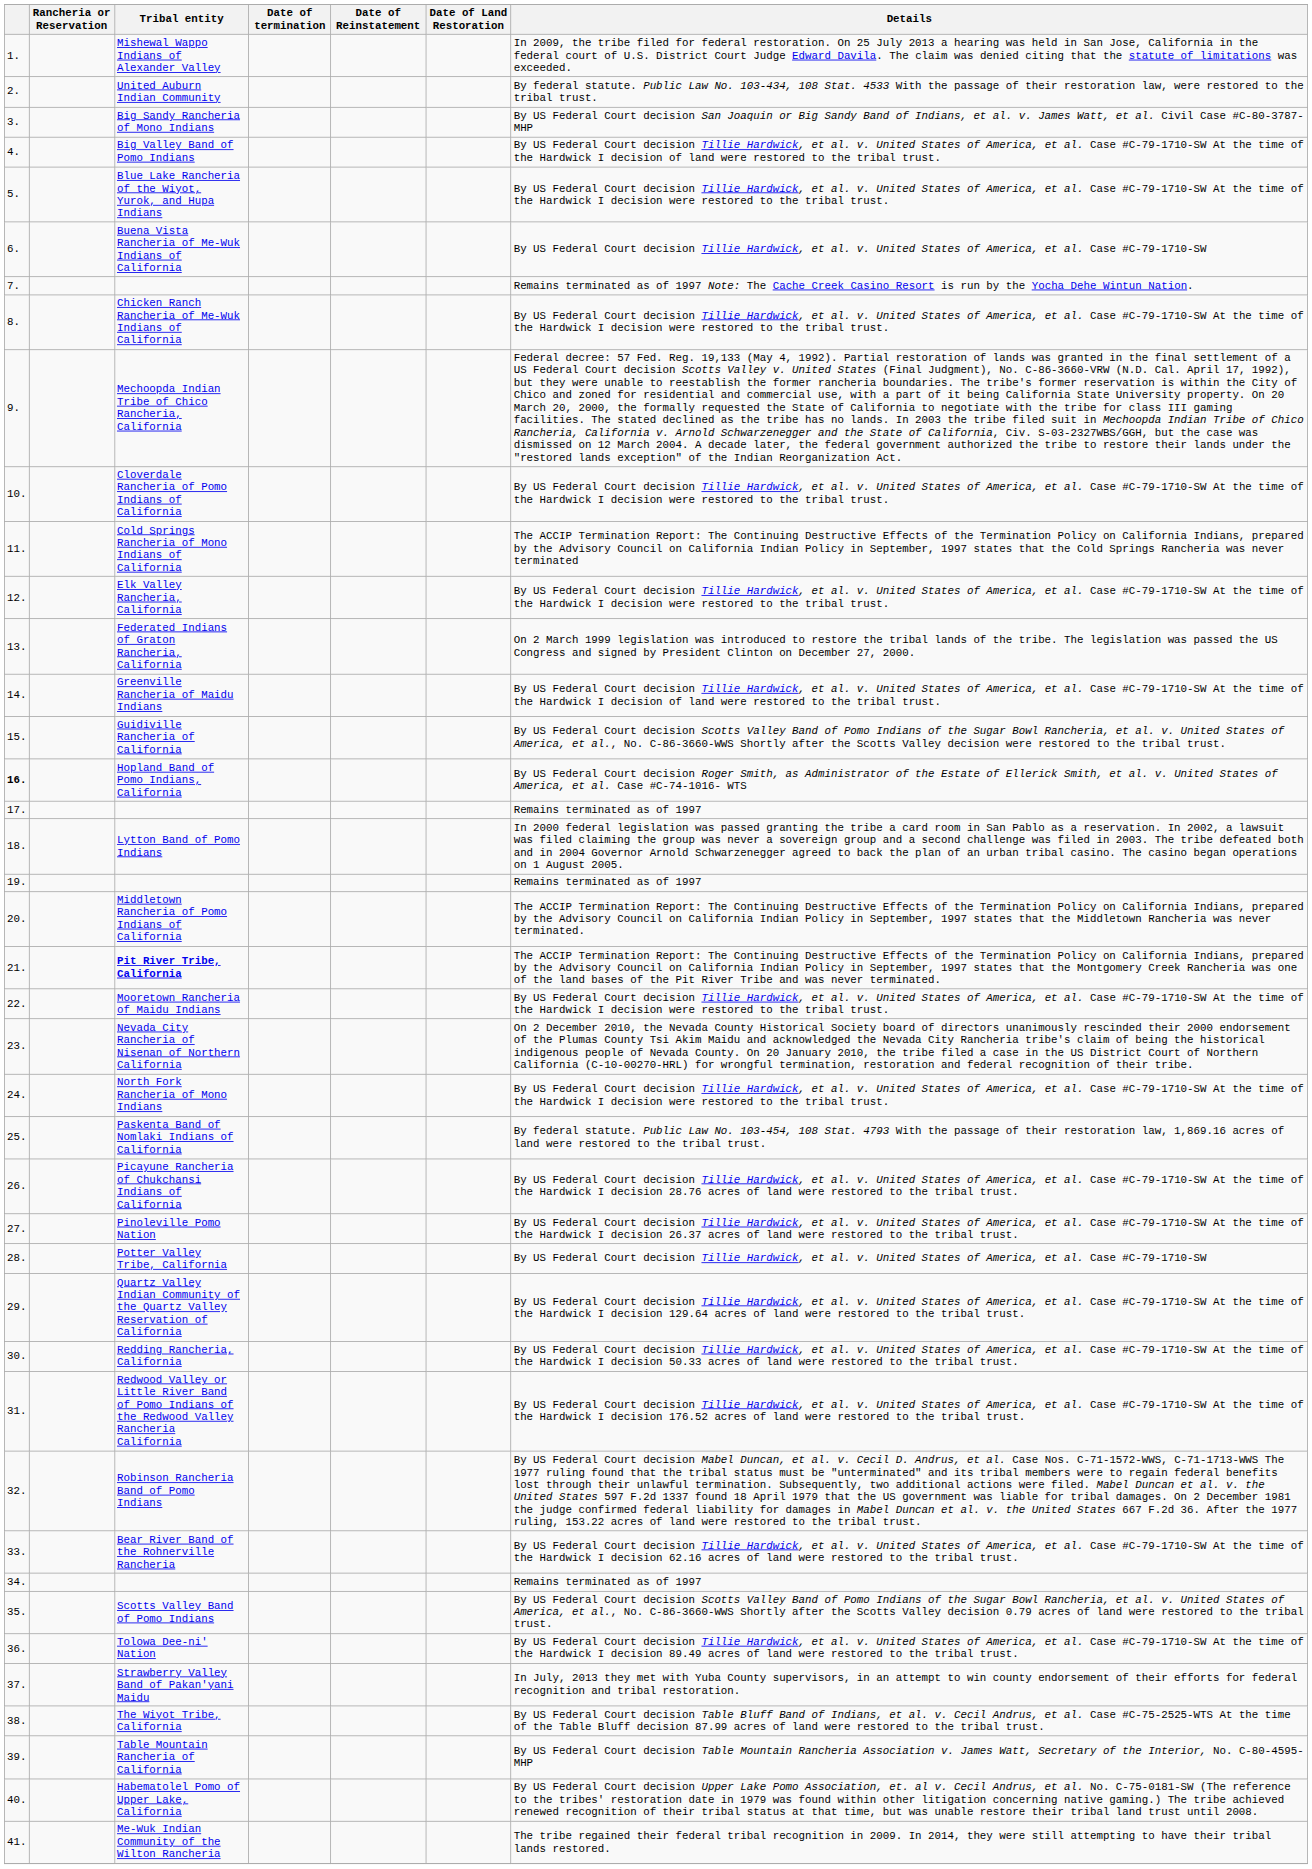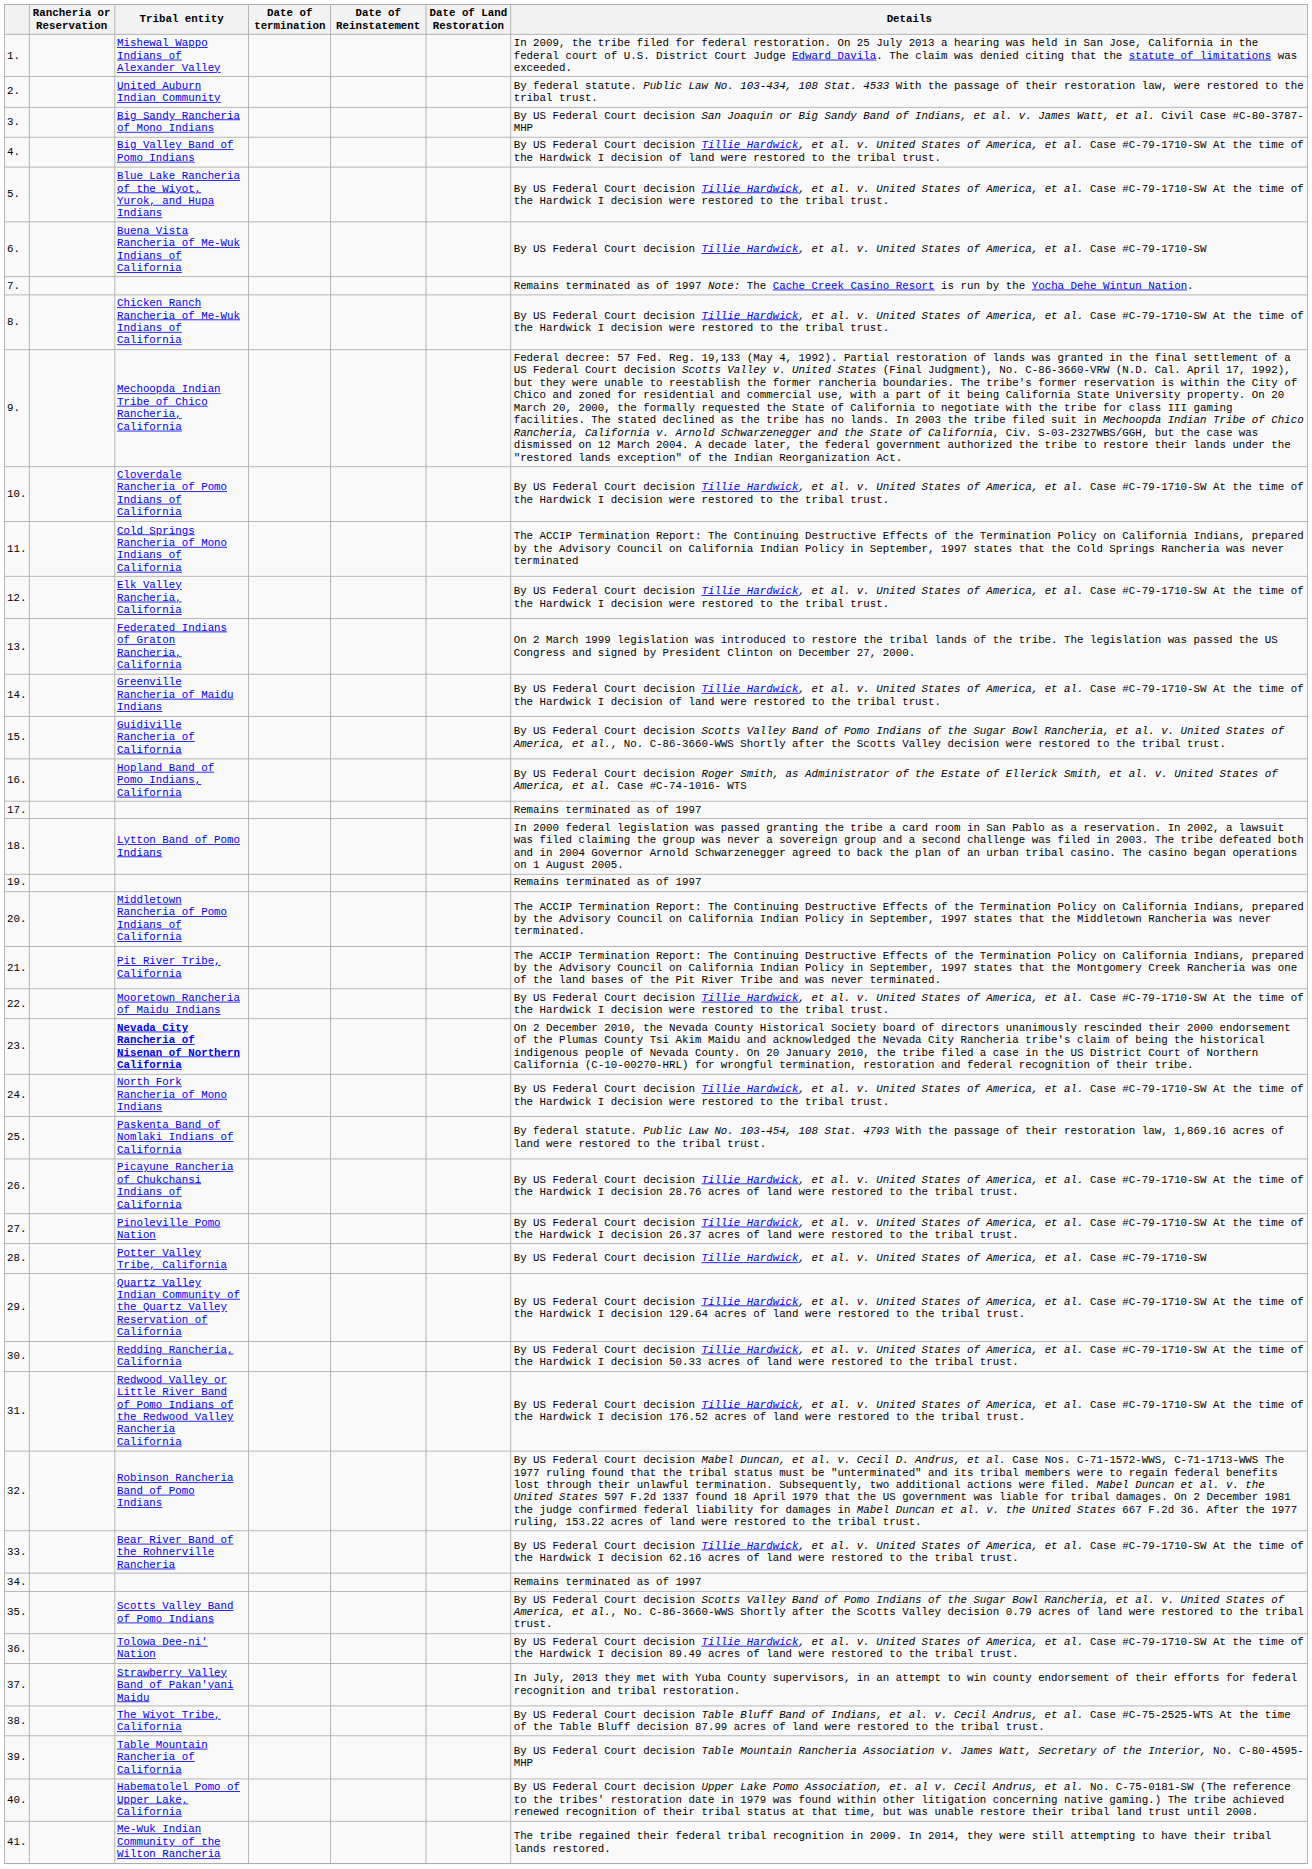 <table class="wikitable sortable">
 <tr>
 </tr>
 <tr>
 <th></th>
 <th>Rancheria or Reservation</th>
 <th>Tribal entity</th>
 <th>Date of termination</th>
 <th>Date of Reinstatement</th>
 <th>Date of Land Restoration</th>
 <th>Details</th>
 </tr>
 <tr>
 <td>1.</td>
 <td></td>
 <td><a href='#'>Mishewal Wappo Indians of Alexander Valley</a></td>
 <td></td>
 <td></td>
 <td></td>
 <td>In 2009, the tribe filed for federal restoration. On 25 July 2013 a hearing was held in San Jose, California in the federal court of U.S. District Court Judge <a href='#'>Edward Davila</a>.  The claim was denied citing that the <a href='#'>statute of limitations</a> was exceeded.</td>
 </tr>
 <tr>
 <td>2.</td>
 <td></td>
 <td><a href='#'>United Auburn Indian Community</a></td>
 <td></td>
 <td></td>
 <td></td>
 <td>By federal statute. <em>Public Law No. 103-434, 108 Stat. 4533</em> With the passage of their restoration law,  were restored to the tribal trust.</td>
 </tr>
 <tr>
 <td>3.</td>
 <td></td>
 <td><a href='#'>Big Sandy Rancheria of Mono Indians</a></td>
 <td></td>
 <td></td>
 <td></td>
 <td>By US Federal Court decision <em>San Joaquin or Big Sandy Band of Indians, et al. v. James Watt, et al.</em> Civil Case #C-80-3787-MHP</td>
 </tr>
 <tr>
 <td>4.</td>
 <td></td>
 <td><a href='#'>Big Valley Band of Pomo Indians</a></td>
 <td></td>
 <td></td>
 <td></td>
 <td>By US Federal Court decision <em><a href='#'>Tillie Hardwick</a>, et al. v. United States of America, et al.</em> Case #C-79-1710-SW At the time of the Hardwick I decision  of land were restored to the tribal trust.</td>
 </tr>
 <tr>
 <td>5.</td>
 <td></td>
 <td><a href='#'>Blue Lake Rancheria of the Wiyot, Yurok, and Hupa Indians</a></td>
 <td></td>
 <td></td>
 <td></td>
 <td>By US Federal Court decision <em><a href='#'>Tillie Hardwick</a>, et al. v. United States of America, et al.</em> Case #C-79-1710-SW At the time of the Hardwick I decision  were restored to the tribal trust.</td>
 </tr>
 <tr>
 <td>6.</td>
 <td></td>
 <td><a href='#'>Buena Vista Rancheria of Me-Wuk Indians of California</a></td>
 <td></td>
 <td></td>
 <td></td>
 <td>By US Federal Court decision <em><a href='#'>Tillie Hardwick</a>, et al. v. United States of America, et al.</em> Case #C-79-1710-SW</td>
 </tr>
 <tr>
 <td>7.</td>
 <td></td>
 <td></td>
 <td></td>
 <td></td>
 <td></td>
 <td>Remains terminated as of 1997 <em>Note:</em> The <a href='#'>Cache Creek Casino Resort</a> is run by the <a href='#'>Yocha Dehe Wintun Nation</a>.</td>
 </tr>
 <tr>
 <td>8.</td>
 <td></td>
 <td><a href='#'>Chicken Ranch Rancheria of Me-Wuk Indians of California</a></td>
 <td></td>
 <td></td>
 <td></td>
 <td>By US Federal Court decision <em><a href='#'>Tillie Hardwick</a>, et al. v. United States of America, et al.</em> Case #C-79-1710-SW At the time of the Hardwick I decision  were restored to the tribal trust.</td>
 </tr>
 <tr>
 <td>9.</td>
 <td></td>
 <td><a href='#'>Mechoopda Indian Tribe of Chico Rancheria, California</a></td>
 <td></td>
 <td></td>
 <td></td>
 <td>Federal decree: 57 Fed. Reg. 19,133 (May 4, 1992). Partial restoration of lands was granted in the final settlement of a US Federal Court decision <em>Scotts Valley v. United States</em> (Final Judgment), No. C-86-3660-VRW (N.D. Cal. April 17, 1992), but they were unable to reestablish the former rancheria boundaries. The tribe's former reservation is within the City of Chico and zoned for residential and commercial use, with a part of it being California State University property. On 20 March 20, 2000, the formally requested the State of California to negotiate with the tribe for class III gaming facilities. The stated declined as the tribe has no lands. In 2003 the tribe filed suit in <em>Mechoopda Indian Tribe of Chico Rancheria, California v. Arnold Schwarzenegger and the State of California</em>, Civ. S-03-2327WBS/GGH, but the case was dismissed on 12 March 2004. A decade later, the federal government authorized the tribe to restore their lands under the "restored lands exception" of the Indian Reorganization Act.</td>
 </tr>
 <tr>
 <td>10.</td>
 <td></td>
 <td><a href='#'>Cloverdale Rancheria of Pomo Indians of California</a></td>
 <td></td>
 <td></td>
 <td></td>
 <td>By US Federal Court decision <em><a href='#'>Tillie Hardwick</a>, et al. v. United States of America, et al.</em> Case #C-79-1710-SW At the time of the Hardwick I decision  were restored to the tribal trust.</td>
 </tr>
 <tr>
 <td>11.</td>
 <td></td>
 <td><a href='#'>Cold Springs Rancheria of Mono Indians of California</a></td>
 <td></td>
 <td></td>
 <td></td>
 <td>The ACCIP Termination Report: The Continuing Destructive Effects of the Termination Policy on California Indians, prepared by the Advisory Council on California Indian Policy in September, 1997 states that the Cold Springs Rancheria was never terminated</td>
 </tr>
 <tr>
 <td>12.</td>
 <td></td>
 <td><a href='#'>Elk Valley Rancheria, California</a></td>
 <td></td>
 <td></td>
 <td></td>
 <td>By US Federal Court decision <em><a href='#'>Tillie Hardwick</a>, et al. v. United States of America, et al.</em> Case #C-79-1710-SW At the time of the Hardwick I decision  were restored to the tribal trust.</td>
 </tr>
 <tr>
 <td>13.</td>
 <td></td>
 <td><a href='#'>Federated Indians of Graton Rancheria, California</a></td>
 <td></td>
 <td></td>
 <td></td>
 <td>On 2 March 1999 legislation was introduced to restore the tribal lands of the tribe.  The legislation was passed the US Congress and signed by President Clinton on December 27, 2000.</td>
 </tr>
 <tr>
 <td>14.</td>
 <td></td>
 <td><a href='#'>Greenville Rancheria of Maidu Indians</a></td>
 <td></td>
 <td></td>
 <td></td>
 <td>By US Federal Court decision <em><a href='#'>Tillie Hardwick</a>, et al. v. United States of America, et al.</em> Case #C-79-1710-SW At the time of the Hardwick I decision  of land were restored to the tribal trust.</td>
 </tr>
 <tr>
 <td>15.</td>
 <td></td>
 <td><a href='#'>Guidiville Rancheria of California</a></td>
 <td></td>
 <td></td>
 <td></td>
 <td>By US Federal Court decision <em>Scotts Valley Band of Pomo Indians of the Sugar Bowl Rancheria, et al. v. United States of America, et al.</em>, No. C-86-3660-WWS Shortly after the Scotts Valley decision  were restored to the tribal trust.</td>
 </tr>
 <tr>
-<td><strong>16.</strong></td>
+<td>16.</td>
 <td></td>
 <td><a href='#'>Hopland Band of Pomo Indians, California</a></td>
 <td></td>
 <td></td>
 <td></td>
 <td>By US Federal Court decision <em>Roger Smith, as Administrator of the Estate of Ellerick Smith, et al. v. United States of America, et al.</em> Case #C-74-1016- WTS</td>
 </tr>
 <tr>
 <td>17.</td>
 <td></td>
 <td></td>
 <td></td>
 <td></td>
 <td></td>
 <td>Remains terminated as of 1997</td>
 </tr>
 <tr>
 <td>18.</td>
 <td></td>
 <td><a href='#'>Lytton Band of Pomo Indians</a></td>
 <td></td>
 <td></td>
 <td></td>
 <td>In 2000 federal legislation was passed granting the tribe a card room in San Pablo as a reservation. In 2002, a lawsuit was filed claiming the group was never a sovereign group and a second challenge was filed in 2003. The tribe defeated both and in 2004 Governor Arnold Schwarzenegger agreed to back the plan of an urban tribal casino.  The casino began operations on 1 August 2005.</td>
 </tr>
 <tr>
 <td>19.</td>
 <td></td>
 <td></td>
 <td></td>
 <td></td>
 <td></td>
 <td>Remains terminated as of 1997</td>
 </tr>
 <tr>
 <td>20.</td>
 <td></td>
 <td><a href='#'>Middletown Rancheria of Pomo Indians of California</a></td>
 <td></td>
 <td></td>
 <td></td>
 <td>The ACCIP Termination Report: The Continuing Destructive Effects of the Termination Policy on California Indians, prepared by the Advisory Council on California Indian Policy in September, 1997 states that the Middletown Rancheria was never terminated.</td>
 </tr>
 <tr>
 <td>21.</td>
 <td></td>
-<td><strong><a href='#'>Pit River Tribe, California</a></strong></td>
+<td><a href='#'>Pit River Tribe, California</a></td>
 <td></td>
 <td></td>
 <td></td>
 <td>The ACCIP Termination Report: The Continuing Destructive Effects of the Termination Policy on California Indians, prepared by the Advisory Council on California Indian Policy in September, 1997 states that the Montgomery Creek Rancheria was one of the land bases of the Pit River Tribe and was never terminated.</td>
 </tr>
 <tr>
 <td>22.</td>
 <td></td>
 <td><a href='#'>Mooretown Rancheria of Maidu Indians</a></td>
 <td></td>
 <td></td>
 <td></td>
 <td>By US Federal Court decision <em><a href='#'>Tillie Hardwick</a>, et al. v. United States of America, et al.</em> Case #C-79-1710-SW At the time of the Hardwick I decision  were restored to the tribal trust.</td>
 </tr>
 <tr>
 <td>23.</td>
 <td></td>
-<td><a href='#'>Nevada City Rancheria of Nisenan of Northern California</a></td>
+<td><strong><a href='#'>Nevada City Rancheria of Nisenan of Northern California</a></strong></td>
 <td></td>
 <td></td>
 <td></td>
 <td>On 2 December 2010, the Nevada County Historical Society board of directors unanimously rescinded their 2000 endorsement of the Plumas County Tsi Akim Maidu and acknowledged the Nevada City Rancheria tribe's claim of being the historical indigenous people of Nevada County. On 20 January 2010, the tribe filed a case in the US District Court of Northern California (C-10-00270-HRL) for wrongful termination, restoration and federal recognition of their tribe.</td>
 </tr>
 <tr>
 <td>24.</td>
 <td></td>
 <td><a href='#'>North Fork Rancheria of Mono Indians</a></td>
 <td></td>
 <td></td>
 <td></td>
 <td>By US Federal Court decision <em><a href='#'>Tillie Hardwick</a>, et al. v. United States of America, et al.</em> Case #C-79-1710-SW At the time of the Hardwick I decision  were restored to the tribal trust.</td>
 </tr>
 <tr>
 <td>25.</td>
 <td></td>
 <td><a href='#'>Paskenta Band of Nomlaki Indians of California</a></td>
 <td></td>
 <td></td>
 <td></td>
 <td>By federal statute. <em>Public Law No. 103-454, 108 Stat. 4793</em> With the passage of their restoration law, 1,869.16 acres of land were restored to the tribal trust.</td>
 </tr>
 <tr>
 <td>26.</td>
 <td></td>
 <td><a href='#'>Picayune Rancheria of Chukchansi Indians of California</a></td>
 <td></td>
 <td></td>
 <td></td>
 <td>By US Federal Court decision <em><a href='#'>Tillie Hardwick</a>, et al. v. United States of America, et al.</em> Case #C-79-1710-SW At the time of the Hardwick I decision 28.76 acres of land were restored to the tribal trust.</td>
 </tr>
 <tr>
 <td>27.</td>
 <td></td>
 <td><a href='#'>Pinoleville Pomo Nation</a></td>
 <td></td>
 <td></td>
 <td></td>
 <td>By US Federal Court decision <em><a href='#'>Tillie Hardwick</a>, et al. v. United States of America, et al.</em> Case #C-79-1710-SW At the time of the Hardwick I decision 26.37 acres of land were restored to the tribal trust.</td>
 </tr>
 <tr>
 <td>28.</td>
 <td></td>
 <td><a href='#'>Potter Valley Tribe, California</a></td>
 <td></td>
 <td></td>
 <td></td>
 <td>By US Federal Court decision <em><a href='#'>Tillie Hardwick</a>, et al. v. United States of America, et al.</em> Case #C-79-1710-SW</td>
 </tr>
 <tr>
 <td>29.</td>
 <td></td>
 <td><a href='#'>Quartz Valley Indian Community of the Quartz Valley Reservation of California</a></td>
 <td></td>
 <td></td>
 <td></td>
 <td>By US Federal Court decision <em><a href='#'>Tillie Hardwick</a>, et al. v. United States of America, et al.</em> Case #C-79-1710-SW At the time of the Hardwick I decision 129.64 acres of land were restored to the tribal trust.</td>
 </tr>
 <tr>
 <td>30.</td>
 <td></td>
 <td><a href='#'>Redding Rancheria, California</a></td>
 <td></td>
 <td></td>
 <td></td>
 <td>By US Federal Court decision <em><a href='#'>Tillie Hardwick</a>, et al. v. United States of America, et al.</em> Case #C-79-1710-SW At the time of the Hardwick I decision 50.33 acres of land were restored to the tribal trust.</td>
 </tr>
 <tr>
 <td>31.</td>
 <td></td>
 <td><a href='#'>Redwood Valley or Little River Band of Pomo Indians of the Redwood Valley Rancheria California</a></td>
 <td></td>
 <td></td>
 <td></td>
 <td>By US Federal Court decision <em><a href='#'>Tillie Hardwick</a>, et al. v. United States of America, et al.</em> Case #C-79-1710-SW At the time of the Hardwick I decision 176.52 acres of land were restored to the tribal trust.</td>
 </tr>
 <tr>
 <td>32.</td>
 <td></td>
 <td><a href='#'>Robinson Rancheria Band of Pomo Indians</a></td>
 <td></td>
 <td></td>
 <td></td>
 <td>By US Federal Court decision <em>Mabel Duncan, et al. v. Cecil D. Andrus, et al.</em> Case Nos. C-71-1572-WWS, C-71-1713-WWS The 1977 ruling found that the tribal status must be "unterminated" and its tribal members were to regain federal benefits lost through their unlawful termination. Subsequently, two additional actions were filed. <em>Mabel Duncan et al. v. the United States</em> 597 F.2d 1337 found 18 April 1979 that the US government was liable for tribal damages. On 2 December 1981 the judge confirmed federal liability for damages in <em>Mabel Duncan et al. v. the United States</em> 667 F.2d 36. After the 1977 ruling, 153.22 acres of land were restored to the tribal trust.</td>
 </tr>
 <tr>
 <td>33.</td>
 <td></td>
 <td><a href='#'>Bear River Band of the Rohnerville Rancheria</a></td>
 <td></td>
 <td></td>
 <td></td>
 <td>By US Federal Court decision <em><a href='#'>Tillie Hardwick</a>, et al. v. United States of America, et al.</em> Case #C-79-1710-SW At the time of the Hardwick I decision 62.16 acres of land were restored to the tribal trust.</td>
 </tr>
 <tr>
 <td>34.</td>
 <td></td>
 <td></td>
 <td></td>
 <td></td>
 <td></td>
 <td>Remains terminated as of 1997</td>
 </tr>
 <tr>
 <td>35.</td>
 <td></td>
 <td><a href='#'>Scotts Valley Band of Pomo Indians</a></td>
 <td></td>
 <td></td>
 <td></td>
 <td>By US Federal Court decision <em>Scotts Valley Band of Pomo Indians of the Sugar Bowl Rancheria, et al. v. United States of America, et al.</em>, No. C-86-3660-WWS Shortly after the Scotts Valley decision 0.79 acres of land were restored to the tribal trust.</td>
 </tr>
 <tr>
 <td>36.</td>
 <td></td>
 <td><a href='#'>Tolowa Dee-ni' Nation</a></td>
 <td></td>
 <td></td>
 <td></td>
 <td>By US Federal Court decision <em><a href='#'>Tillie Hardwick</a>, et al. v. United States of America, et al.</em> Case #C-79-1710-SW At the time of the Hardwick I decision 89.49 acres of land were restored to the tribal trust.</td>
 </tr>
 <tr>
 <td>37.</td>
 <td></td>
 <td><a href='#'>Strawberry Valley Band of Pakan'yani Maidu</a></td>
 <td></td>
 <td></td>
 <td></td>
 <td>In July, 2013 they met with Yuba County supervisors, in an attempt to win county endorsement of their efforts for federal recognition and tribal restoration.</td>
 </tr>
 <tr>
 <td>38.</td>
 <td></td>
 <td><a href='#'>The Wiyot Tribe, California</a></td>
 <td></td>
 <td></td>
 <td></td>
 <td>By US Federal Court decision <em>Table Bluff Band of Indians, et al. v. Cecil Andrus, et al.</em> Case #C-75-2525-WTS At the time of the Table Bluff decision 87.99 acres of land were restored to the tribal trust.</td>
 </tr>
 <tr>
 <td>39.</td>
 <td></td>
 <td><a href='#'>Table Mountain Rancheria of California</a></td>
 <td></td>
 <td></td>
 <td></td>
 <td>By US Federal Court decision <em>Table Mountain Rancheria Association v. James Watt, Secretary of the Interior,</em> No. C-80-4595-MHP</td>
 </tr>
 <tr>
 <td>40.</td>
 <td></td>
 <td><a href='#'>Habematolel Pomo of Upper Lake, California</a></td>
 <td></td>
 <td></td>
 <td></td>
 <td>By US Federal Court decision <em>Upper Lake Pomo Association, et. al v. Cecil Andrus, et al.</em> No. C-75-0181-SW (The reference to the tribes' restoration date in 1979 was found within other litigation concerning native gaming.) The tribe achieved renewed recognition of their tribal status at that time, but was unable restore their tribal land trust until 2008.</td>
 </tr>
 <tr>
 <td>41.</td>
 <td></td>
 <td><a href='#'>Me-Wuk Indian Community of the Wilton Rancheria</a></td>
 <td></td>
 <td></td>
 <td></td>
 <td>The tribe regained their federal tribal recognition in 2009. In 2014, they were still attempting to have their tribal lands restored.</td>
 </tr>
 <tr>
 </tr>
 </table>
